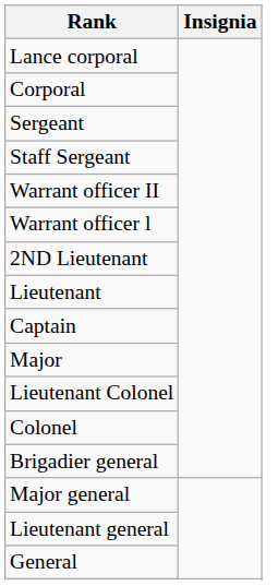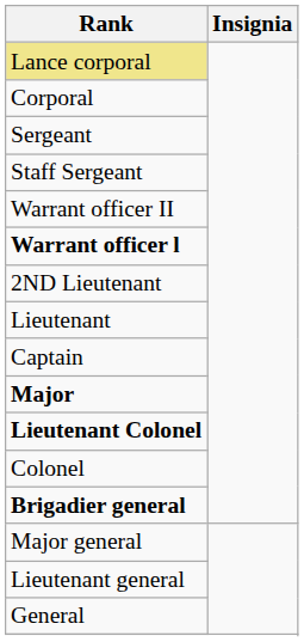 <table class="wikitable mw-collapsible mw-collapsed">
 <tr>
 <th>Rank</th>
 <th>Insignia</th>
 </tr>
 <tr>
-<td>Lance corporal</td>
+<td style="background: khaki;">Lance corporal</td>
 <td rowspan="13"></td>
 </tr>
 <tr>
 <td>Corporal</td>
 </tr>
 <tr>
 <td>Sergeant</td>
 </tr>
 <tr>
 <td>Staff Sergeant</td>
 </tr>
 <tr>
 <td>Warrant officer II</td>
 </tr>
 <tr>
-<td>Warrant officer l</td>
+<td><strong>Warrant officer l</strong></td>
 </tr>
 <tr>
 <td>2ND Lieutenant</td>
 </tr>
 <tr>
 <td>Lieutenant</td>
 </tr>
 <tr>
 <td>Captain</td>
 </tr>
 <tr>
-<td>Major</td>
+<td><strong>Major</strong></td>
 </tr>
 <tr>
-<td>Lieutenant Colonel</td>
+<td><strong>Lieutenant Colonel</strong></td>
 </tr>
 <tr>
 <td>Colonel</td>
 </tr>
 <tr>
-<td>Brigadier general</td>
+<td><strong>Brigadier general</strong></td>
 </tr>
 <tr>
 <td>Major general</td>
 </tr>
 <tr>
 <td>Lieutenant general</td>
 </tr>
 <tr>
 <td>General</td>
 </tr>
 <tr>
 </tr>
 </table>
